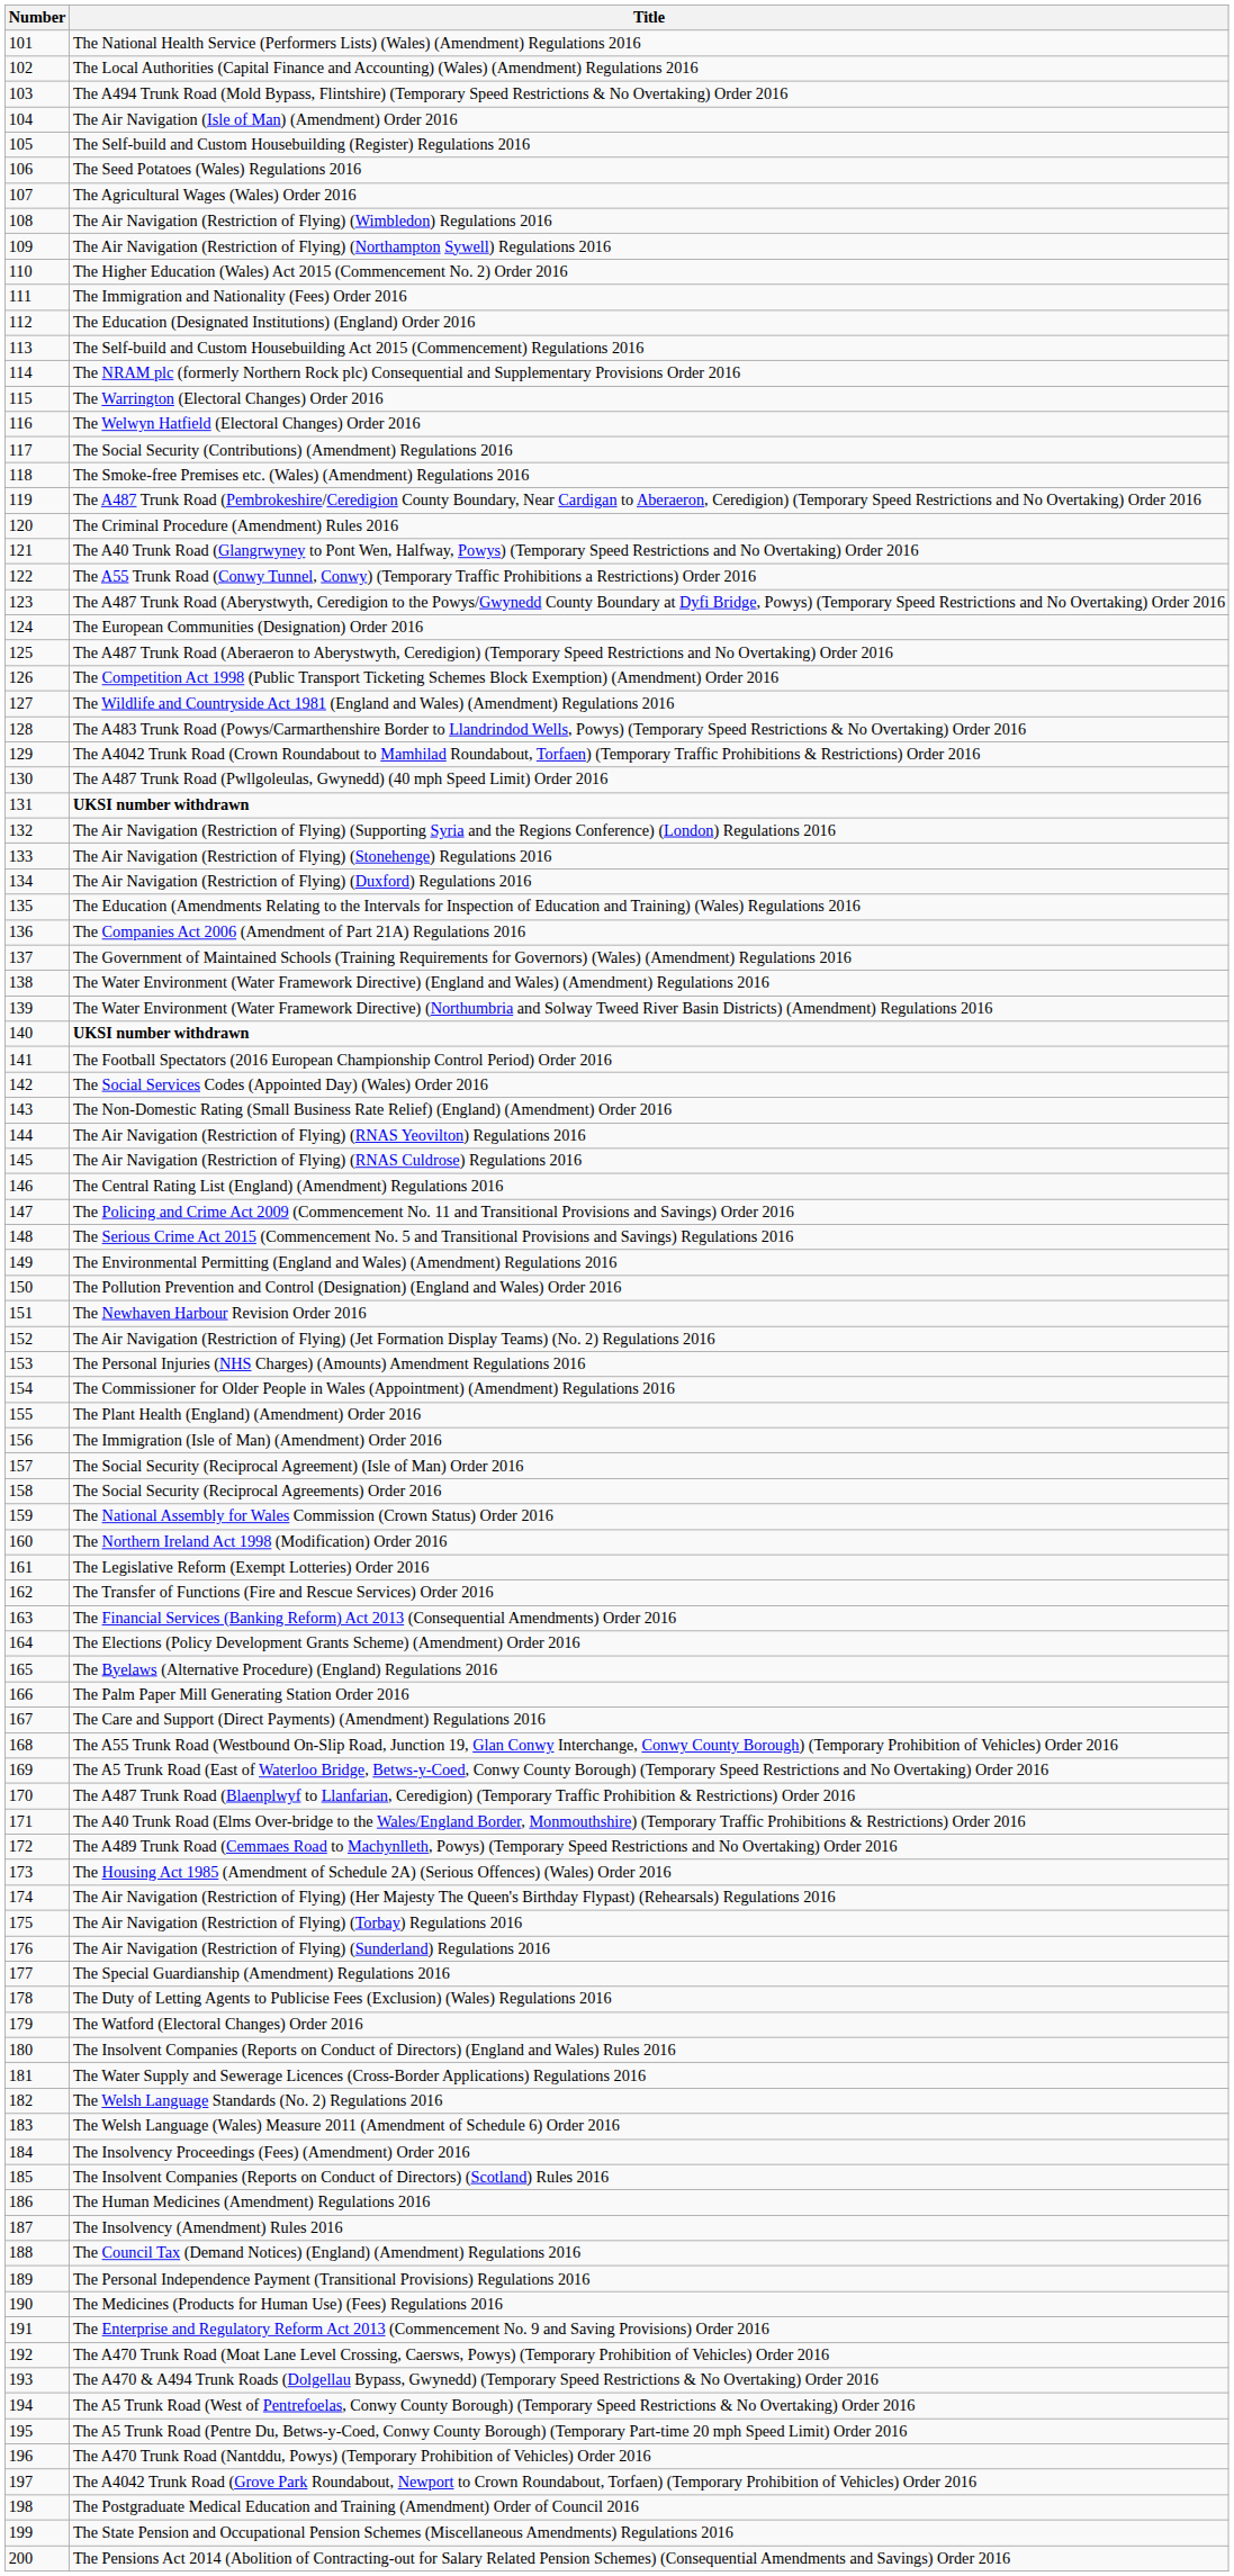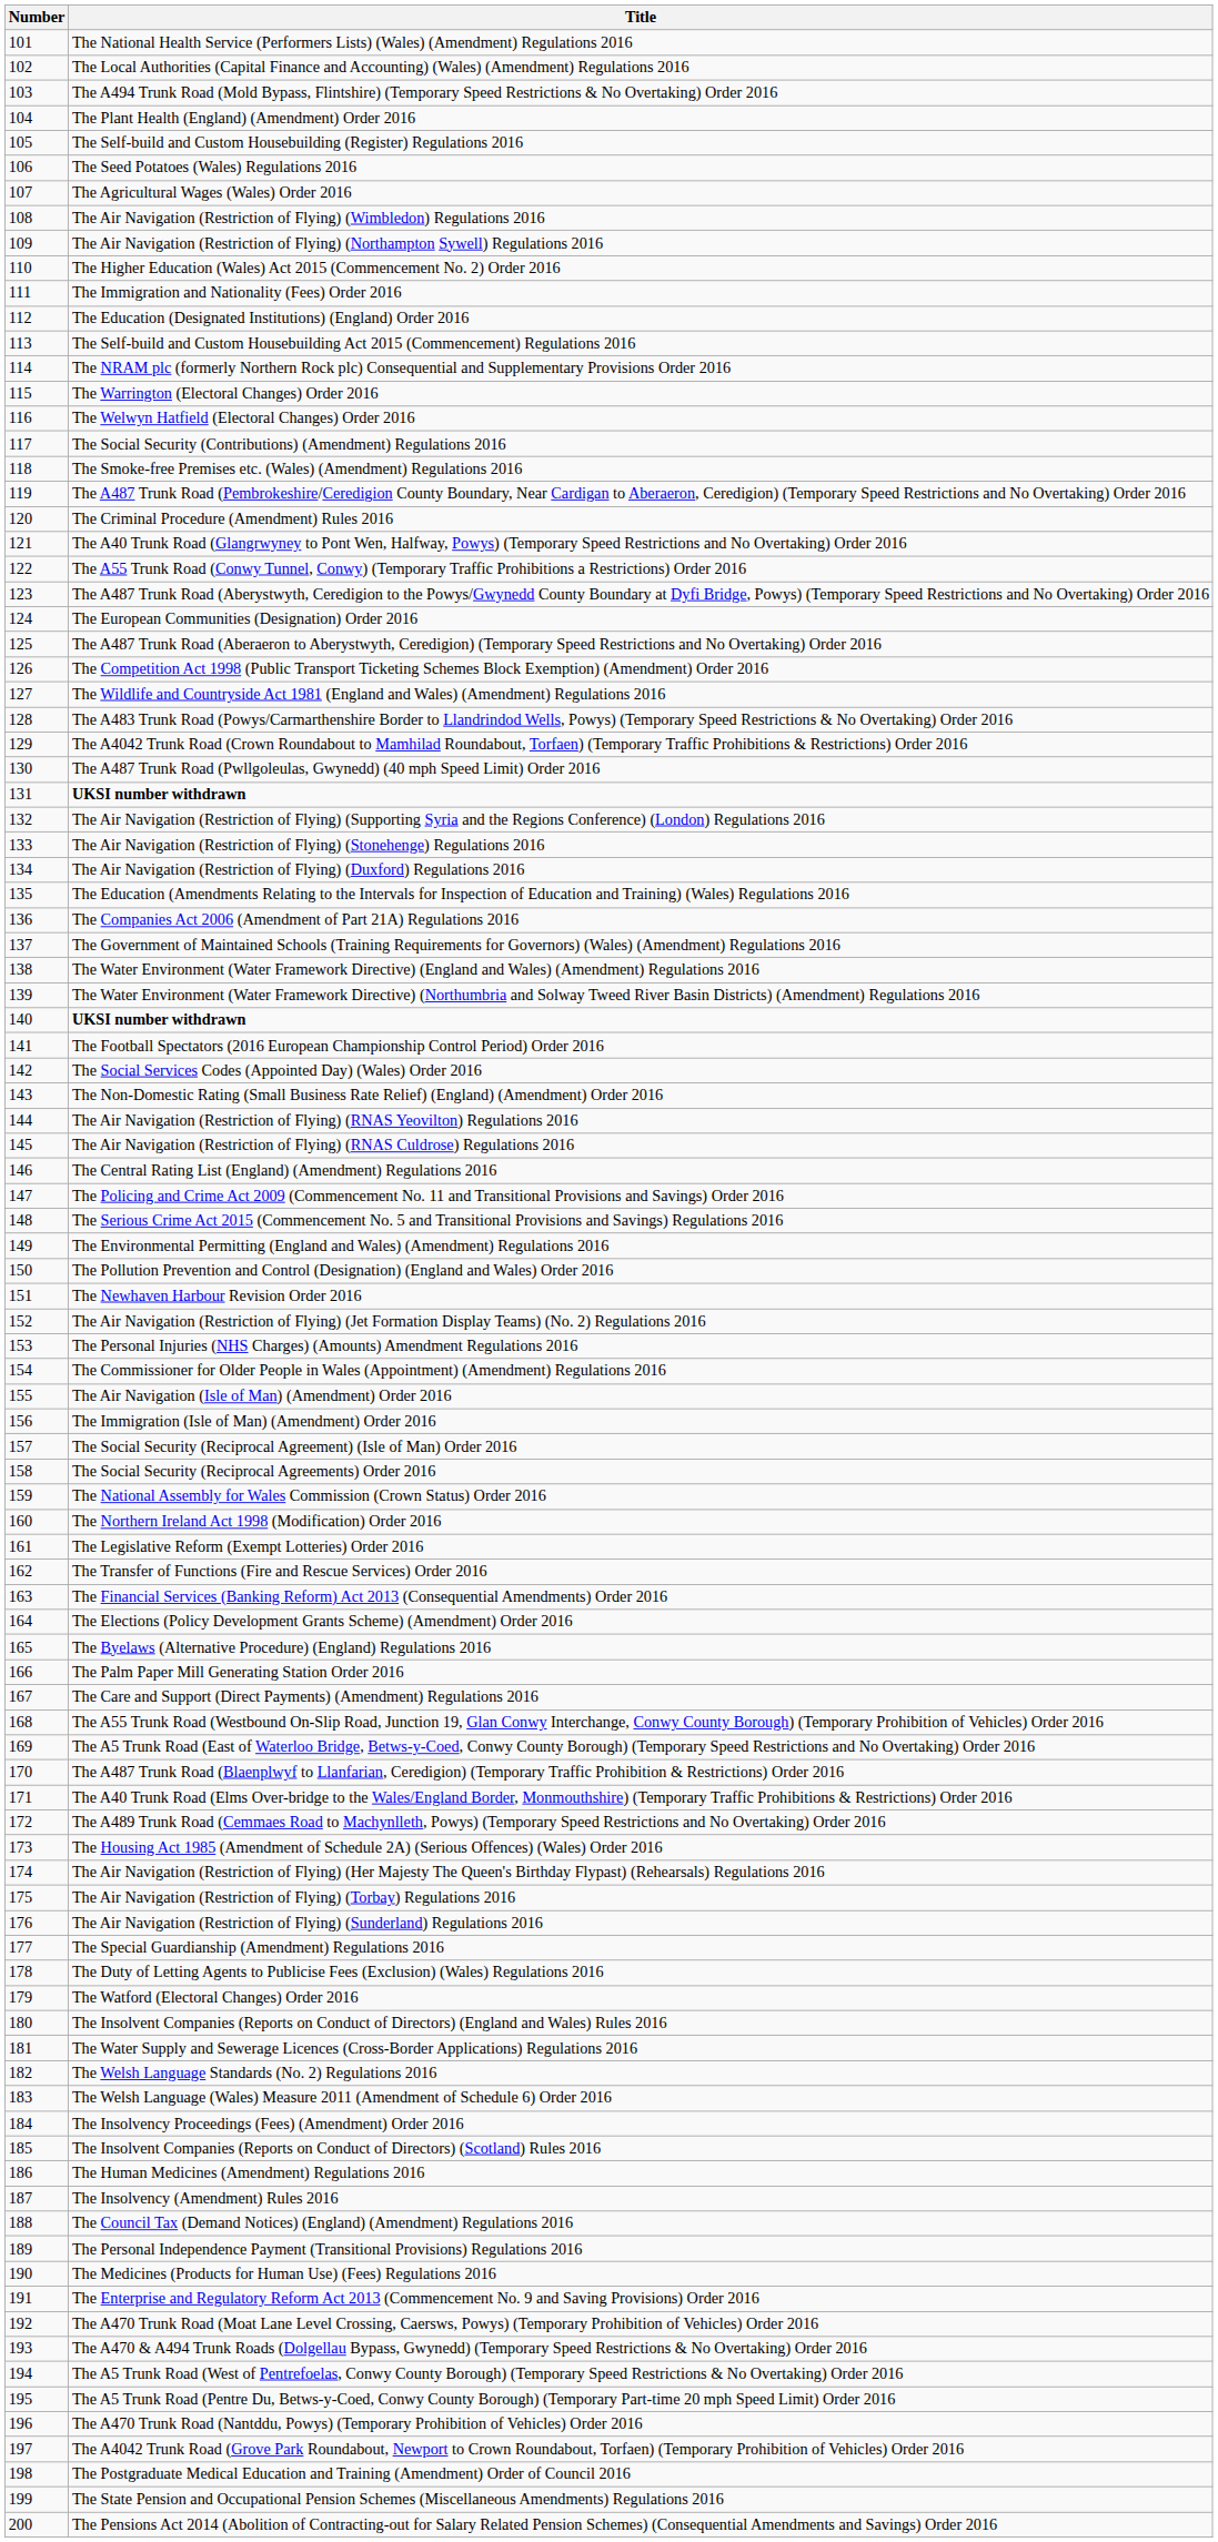 <table class="wikitable collapsible">
 <tr>
 <th>Number</th>
 <th>Title</th>
 </tr>
 <tr>
 <td>101</td>
 <td>The National Health Service (Performers Lists) (Wales) (Amendment) Regulations 2016</td>
 </tr>
 <tr>
 <td>102</td>
 <td>The Local Authorities (Capital Finance and Accounting) (Wales) (Amendment) Regulations 2016</td>
 </tr>
 <tr>
 <td>103</td>
 <td>The A494 Trunk Road (Mold Bypass, Flintshire) (Temporary Speed Restrictions & No Overtaking) Order 2016</td>
 </tr>
 <tr>
 <td>104</td>
-<td>The Air Navigation (<a href='#'>Isle of Man</a>) (Amendment) Order 2016</td>
+<td>The Plant Health (England) (Amendment) Order 2016</td>
 </tr>
 <tr>
 <td>105</td>
 <td>The Self-build and Custom Housebuilding (Register) Regulations 2016</td>
 </tr>
 <tr>
 <td>106</td>
 <td>The Seed Potatoes (Wales) Regulations 2016</td>
 </tr>
 <tr>
 <td>107</td>
 <td>The Agricultural Wages (Wales) Order 2016</td>
 </tr>
 <tr>
 <td>108</td>
 <td>The Air Navigation (Restriction of Flying) (<a href='#'>Wimbledon</a>) Regulations 2016</td>
 </tr>
 <tr>
 <td>109</td>
 <td>The Air Navigation (Restriction of Flying) (<a href='#'>Northampton</a> <a href='#'>Sywell</a>) Regulations 2016</td>
 </tr>
 <tr>
 <td>110</td>
 <td>The Higher Education (Wales) Act 2015 (Commencement No. 2) Order 2016</td>
 </tr>
 <tr>
 <td>111</td>
 <td>The Immigration and Nationality (Fees) Order 2016</td>
 </tr>
 <tr>
 <td>112</td>
 <td>The Education (Designated Institutions) (England) Order 2016</td>
 </tr>
 <tr>
 <td>113</td>
 <td>The Self-build and Custom Housebuilding Act 2015 (Commencement) Regulations 2016</td>
 </tr>
 <tr>
 <td>114</td>
 <td>The <a href='#'>NRAM plc</a> (formerly Northern Rock plc) Consequential and Supplementary Provisions Order 2016</td>
 </tr>
 <tr>
 <td>115</td>
 <td>The <a href='#'>Warrington</a> (Electoral Changes) Order 2016</td>
 </tr>
 <tr>
 <td>116</td>
 <td>The <a href='#'>Welwyn Hatfield</a> (Electoral Changes) Order 2016</td>
 </tr>
 <tr>
 <td>117</td>
 <td>The Social Security (Contributions) (Amendment) Regulations 2016</td>
 </tr>
 <tr>
 <td>118</td>
 <td>The Smoke-free Premises etc. (Wales) (Amendment) Regulations 2016</td>
 </tr>
 <tr>
 <td>119</td>
 <td>The <a href='#'>A487</a> Trunk Road (<a href='#'>Pembrokeshire</a>/<a href='#'>Ceredigion</a> County Boundary, Near <a href='#'>Cardigan</a> to <a href='#'>Aberaeron</a>, Ceredigion) (Temporary Speed Restrictions and No Overtaking) Order 2016</td>
 </tr>
 <tr>
 <td>120</td>
 <td>The Criminal Procedure (Amendment) Rules 2016</td>
 </tr>
 <tr>
 <td>121</td>
 <td>The A40 Trunk Road (<a href='#'>Glangrwyney</a> to Pont Wen, Halfway, <a href='#'>Powys</a>) (Temporary Speed Restrictions and No Overtaking) Order 2016</td>
 </tr>
 <tr>
 <td>122</td>
 <td>The <a href='#'>A55</a> Trunk Road (<a href='#'>Conwy Tunnel</a>, <a href='#'>Conwy</a>) (Temporary Traffic Prohibitions a Restrictions) Order 2016</td>
 </tr>
 <tr>
 <td>123</td>
 <td>The A487 Trunk Road (Aberystwyth, Ceredigion to the Powys/<a href='#'>Gwynedd</a> County Boundary at <a href='#'>Dyfi Bridge</a>, Powys) (Temporary Speed Restrictions and No Overtaking) Order 2016</td>
 </tr>
 <tr>
 <td>124</td>
 <td>The European Communities (Designation) Order 2016</td>
 </tr>
 <tr>
 <td>125</td>
 <td>The A487 Trunk Road (Aberaeron to Aberystwyth, Ceredigion) (Temporary Speed Restrictions and No Overtaking) Order 2016</td>
 </tr>
 <tr>
 <td>126</td>
 <td>The <a href='#'>Competition Act 1998</a> (Public Transport Ticketing Schemes Block Exemption) (Amendment) Order 2016</td>
 </tr>
 <tr>
 <td>127</td>
 <td>The <a href='#'>Wildlife and Countryside Act 1981</a> (England and Wales) (Amendment) Regulations 2016</td>
 </tr>
 <tr>
 <td>128</td>
 <td>The A483 Trunk Road (Powys/Carmarthenshire Border to <a href='#'>Llandrindod Wells</a>, Powys) (Temporary Speed Restrictions & No Overtaking) Order 2016</td>
 </tr>
 <tr>
 <td>129</td>
 <td>The A4042 Trunk Road (Crown Roundabout to <a href='#'>Mamhilad</a> Roundabout, <a href='#'>Torfaen</a>) (Temporary Traffic Prohibitions & Restrictions) Order 2016</td>
 </tr>
 <tr>
 <td>130</td>
 <td>The A487 Trunk Road (Pwllgoleulas, Gwynedd) (40 mph Speed Limit) Order 2016</td>
 </tr>
 <tr>
 <td>131</td>
 <td><strong>UKSI number withdrawn</strong></td>
 </tr>
 <tr>
 <td>132</td>
 <td>The Air Navigation (Restriction of Flying) (Supporting <a href='#'>Syria</a> and the Regions Conference) (<a href='#'>London</a>) Regulations 2016</td>
 </tr>
 <tr>
 <td>133</td>
 <td>The Air Navigation (Restriction of Flying) (<a href='#'>Stonehenge</a>) Regulations 2016</td>
 </tr>
 <tr>
 <td>134</td>
 <td>The Air Navigation (Restriction of Flying) (<a href='#'>Duxford</a>) Regulations 2016</td>
 </tr>
 <tr>
 <td>135</td>
 <td>The Education (Amendments Relating to the Intervals for Inspection of Education and Training) (Wales) Regulations 2016</td>
 </tr>
 <tr>
 <td>136</td>
 <td>The <a href='#'>Companies Act 2006</a> (Amendment of Part 21A) Regulations 2016</td>
 </tr>
 <tr>
 <td>137</td>
 <td>The Government of Maintained Schools (Training Requirements for Governors) (Wales) (Amendment) Regulations 2016</td>
 </tr>
 <tr>
 <td>138</td>
 <td>The Water Environment (Water Framework Directive) (England and Wales) (Amendment) Regulations 2016</td>
 </tr>
 <tr>
 <td>139</td>
 <td>The Water Environment (Water Framework Directive) (<a href='#'>Northumbria</a> and Solway Tweed River Basin Districts) (Amendment) Regulations 2016</td>
 </tr>
 <tr>
 <td>140</td>
 <td><strong>UKSI number withdrawn</strong></td>
 </tr>
 <tr>
 <td>141</td>
 <td>The Football Spectators (2016 European Championship Control Period) Order 2016</td>
 </tr>
 <tr>
 <td>142</td>
 <td>The <a href='#'>Social Services</a> Codes (Appointed Day) (Wales) Order 2016</td>
 </tr>
 <tr>
 <td>143</td>
 <td>The Non-Domestic Rating (Small Business Rate Relief) (England) (Amendment) Order 2016</td>
 </tr>
 <tr>
 <td>144</td>
 <td>The Air Navigation (Restriction of Flying) (<a href='#'>RNAS Yeovilton</a>) Regulations 2016</td>
 </tr>
 <tr>
 <td>145</td>
 <td>The Air Navigation (Restriction of Flying) (<a href='#'>RNAS Culdrose</a>) Regulations 2016</td>
 </tr>
 <tr>
 <td>146</td>
 <td>The Central Rating List (England) (Amendment) Regulations 2016</td>
 </tr>
 <tr>
 <td>147</td>
 <td>The <a href='#'>Policing and Crime Act 2009</a> (Commencement No. 11 and Transitional Provisions and Savings) Order 2016</td>
 </tr>
 <tr>
 <td>148</td>
 <td>The <a href='#'>Serious Crime Act 2015</a> (Commencement No. 5 and Transitional Provisions and Savings) Regulations 2016</td>
 </tr>
 <tr>
 <td>149</td>
 <td>The Environmental Permitting (England and Wales) (Amendment) Regulations 2016</td>
 </tr>
 <tr>
 <td>150</td>
 <td>The Pollution Prevention and Control (Designation) (England and Wales) Order 2016</td>
 </tr>
 <tr>
 <td>151</td>
 <td>The <a href='#'>Newhaven Harbour</a> Revision Order 2016</td>
 </tr>
 <tr>
 <td>152</td>
 <td>The Air Navigation (Restriction of Flying) (Jet Formation Display Teams) (No. 2) Regulations 2016</td>
 </tr>
 <tr>
 <td>153</td>
 <td>The Personal Injuries (<a href='#'>NHS</a> Charges) (Amounts) Amendment Regulations 2016</td>
 </tr>
 <tr>
 <td>154</td>
 <td>The Commissioner for Older People in Wales (Appointment) (Amendment) Regulations 2016</td>
 </tr>
 <tr>
 <td>155</td>
-<td>The Plant Health (England) (Amendment) Order 2016</td>
+<td>The Air Navigation (<a href='#'>Isle of Man</a>) (Amendment) Order 2016</td>
 </tr>
 <tr>
 <td>156</td>
 <td>The Immigration (Isle of Man) (Amendment) Order 2016</td>
 </tr>
 <tr>
 <td>157</td>
 <td>The Social Security (Reciprocal Agreement) (Isle of Man) Order 2016</td>
 </tr>
 <tr>
 <td>158</td>
 <td>The Social Security (Reciprocal Agreements) Order 2016</td>
 </tr>
 <tr>
 <td>159</td>
 <td>The <a href='#'>National Assembly for Wales</a> Commission (Crown Status) Order 2016</td>
 </tr>
 <tr>
 <td>160</td>
 <td>The <a href='#'>Northern Ireland Act 1998</a> (Modification) Order 2016</td>
 </tr>
 <tr>
 <td>161</td>
 <td>The Legislative Reform (Exempt Lotteries) Order 2016</td>
 </tr>
 <tr>
 <td>162</td>
 <td>The Transfer of Functions (Fire and Rescue Services) Order 2016</td>
 </tr>
 <tr>
 <td>163</td>
 <td>The <a href='#'>Financial Services (Banking Reform) Act 2013</a> (Consequential Amendments) Order 2016</td>
 </tr>
 <tr>
 <td>164</td>
 <td>The Elections (Policy Development Grants Scheme) (Amendment) Order 2016</td>
 </tr>
 <tr>
 <td>165</td>
 <td>The <a href='#'>Byelaws</a> (Alternative Procedure) (England) Regulations 2016</td>
 </tr>
 <tr>
 <td>166</td>
 <td>The Palm Paper Mill Generating Station Order 2016</td>
 </tr>
 <tr>
 <td>167</td>
 <td>The Care and Support (Direct Payments) (Amendment) Regulations 2016</td>
 </tr>
 <tr>
 <td>168</td>
 <td>The A55 Trunk Road (Westbound On-Slip Road, Junction 19, <a href='#'>Glan Conwy</a> Interchange, <a href='#'>Conwy County Borough</a>) (Temporary Prohibition of Vehicles) Order 2016</td>
 </tr>
 <tr>
 <td>169</td>
 <td>The A5 Trunk Road (East of <a href='#'>Waterloo Bridge</a>, <a href='#'>Betws-y-Coed</a>, Conwy County Borough) (Temporary Speed Restrictions and No Overtaking) Order 2016</td>
 </tr>
 <tr>
 <td>170</td>
 <td>The A487 Trunk Road (<a href='#'>Blaenplwyf</a> to <a href='#'>Llanfarian</a>, Ceredigion) (Temporary Traffic Prohibition & Restrictions) Order 2016</td>
 </tr>
 <tr>
 <td>171</td>
 <td>The A40 Trunk Road (Elms Over-bridge to the <a href='#'>Wales/England Border</a>, <a href='#'>Monmouthshire</a>) (Temporary Traffic Prohibitions & Restrictions) Order 2016</td>
 </tr>
 <tr>
 <td>172</td>
 <td>The A489 Trunk Road (<a href='#'>Cemmaes Road</a> to <a href='#'>Machynlleth</a>, Powys) (Temporary Speed Restrictions and No Overtaking) Order 2016</td>
 </tr>
 <tr>
 <td>173</td>
 <td>The <a href='#'>Housing Act 1985</a> (Amendment of Schedule 2A) (Serious Offences) (Wales) Order 2016</td>
 </tr>
 <tr>
 <td>174</td>
 <td>The Air Navigation (Restriction of Flying) (Her Majesty The Queen's Birthday Flypast) (Rehearsals) Regulations 2016</td>
 </tr>
 <tr>
 <td>175</td>
 <td>The Air Navigation (Restriction of Flying) (<a href='#'>Torbay</a>) Regulations 2016</td>
 </tr>
 <tr>
 <td>176</td>
 <td>The Air Navigation (Restriction of Flying) (<a href='#'>Sunderland</a>) Regulations 2016</td>
 </tr>
 <tr>
 <td>177</td>
 <td>The Special Guardianship (Amendment) Regulations 2016</td>
 </tr>
 <tr>
 <td>178</td>
 <td>The Duty of Letting Agents to Publicise Fees (Exclusion) (Wales) Regulations 2016</td>
 </tr>
 <tr>
 <td>179</td>
 <td>The Watford (Electoral Changes) Order 2016</td>
 </tr>
 <tr>
 <td>180</td>
 <td>The Insolvent Companies (Reports on Conduct of Directors) (England and Wales) Rules 2016</td>
 </tr>
 <tr>
 <td>181</td>
 <td>The Water Supply and Sewerage Licences (Cross-Border Applications) Regulations 2016</td>
 </tr>
 <tr>
 <td>182</td>
 <td>The <a href='#'>Welsh Language</a> Standards (No. 2) Regulations 2016</td>
 </tr>
 <tr>
 <td>183</td>
 <td>The Welsh Language (Wales) Measure 2011 (Amendment of Schedule 6) Order 2016</td>
 </tr>
 <tr>
 <td>184</td>
 <td>The Insolvency Proceedings (Fees) (Amendment) Order 2016</td>
 </tr>
 <tr>
 <td>185</td>
 <td>The Insolvent Companies (Reports on Conduct of Directors) (<a href='#'>Scotland</a>) Rules 2016</td>
 </tr>
 <tr>
 <td>186</td>
 <td>The Human Medicines (Amendment) Regulations 2016</td>
 </tr>
 <tr>
 <td>187</td>
 <td>The Insolvency (Amendment) Rules 2016</td>
 </tr>
 <tr>
 <td>188</td>
 <td>The <a href='#'>Council Tax</a> (Demand Notices) (England) (Amendment) Regulations 2016</td>
 </tr>
 <tr>
 <td>189</td>
 <td>The Personal Independence Payment (Transitional Provisions) Regulations 2016</td>
 </tr>
 <tr>
 <td>190</td>
 <td>The Medicines (Products for Human Use) (Fees) Regulations 2016</td>
 </tr>
 <tr>
 <td>191</td>
 <td>The <a href='#'>Enterprise and Regulatory Reform Act 2013</a> (Commencement No. 9 and Saving Provisions) Order 2016</td>
 </tr>
 <tr>
 <td>192</td>
 <td>The A470 Trunk Road (Moat Lane Level Crossing, Caersws, Powys) (Temporary Prohibition of Vehicles) Order 2016</td>
 </tr>
 <tr>
 <td>193</td>
 <td>The A470 & A494 Trunk Roads (<a href='#'>Dolgellau</a> Bypass, Gwynedd) (Temporary Speed Restrictions & No Overtaking) Order 2016</td>
 </tr>
 <tr>
 <td>194</td>
 <td>The A5 Trunk Road (West of <a href='#'>Pentrefoelas</a>, Conwy County Borough) (Temporary Speed Restrictions & No Overtaking) Order 2016</td>
 </tr>
 <tr>
 <td>195</td>
 <td>The A5 Trunk Road (Pentre Du, Betws-y-Coed, Conwy County Borough) (Temporary Part-time 20 mph Speed Limit) Order 2016</td>
 </tr>
 <tr>
 <td>196</td>
 <td>The A470 Trunk Road (Nantddu, Powys) (Temporary Prohibition of Vehicles) Order 2016</td>
 </tr>
 <tr>
 <td>197</td>
 <td>The A4042 Trunk Road (<a href='#'>Grove Park</a> Roundabout, <a href='#'>Newport</a> to Crown Roundabout, Torfaen) (Temporary Prohibition of Vehicles) Order 2016</td>
 </tr>
 <tr>
 <td>198</td>
 <td>The Postgraduate Medical Education and Training (Amendment) Order of Council 2016</td>
 </tr>
 <tr>
 <td>199</td>
 <td>The State Pension and Occupational Pension Schemes (Miscellaneous Amendments) Regulations 2016</td>
 </tr>
 <tr>
 <td>200</td>
 <td>The Pensions Act 2014 (Abolition of Contracting-out for Salary Related Pension Schemes) (Consequential Amendments and Savings) Order 2016</td>
 </tr>
 </table>
